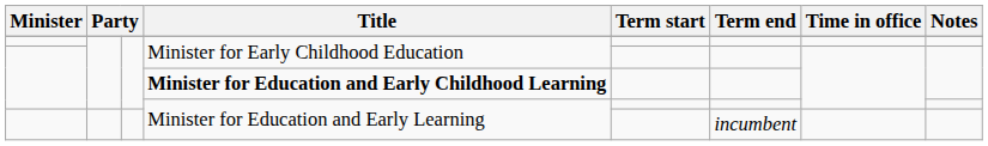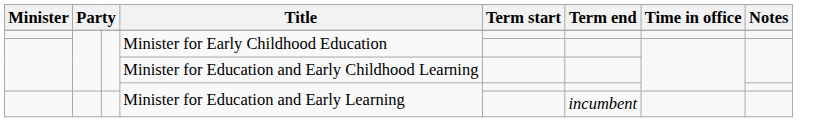 <table class="wikitable sortable">
 <tr>
 <th>Minister</th>
 <th colspan="2">Party</th>
 <th>Title</th>
 <th data-sort-type="date">Term start</th>
 <th data-sort-type=date>Term end</th>
 <th>Time in office</th>
 <th class="unsortable">Notes</th>
 </tr>
 <tr>
 </tr>
 <tr>
 <td></td>
 <td rowspan="4" > </td>
 <td rowspan="4"></td>
 <td rowspan="2">Minister for Early Childhood Education</td>
 <td align="center"></td>
 <td align="center"></td>
 <td align="right"></td>
 <td></td>
 </tr>
 <tr>
 <td rowspan="3"></td>
 <td align="center"></td>
 <td align="center"></td>
 <td rowspan="3" align="right"></td>
 <td rowspan="2"></td>
 </tr>
 <tr>
-<td><strong>Minister for Education and Early Childhood Learning</strong></td>
+<td>Minister for Education and Early Childhood Learning</td>
 <td align="center"></td>
 <td align="center"></td>
 </tr>
 <tr>
 <td rowspan="2">Minister for Education and Early Learning</td>
 <td align="center"></td>
 <td align="center"></td>
 <td></td>
 </tr>
 <tr>
 <td></td>
 <td> </td>
 <td></td>
 <td align="center"></td>
 <td align="center"><em>incumbent</em></td>
 <td align=right></td>
 </tr>
 </table>
